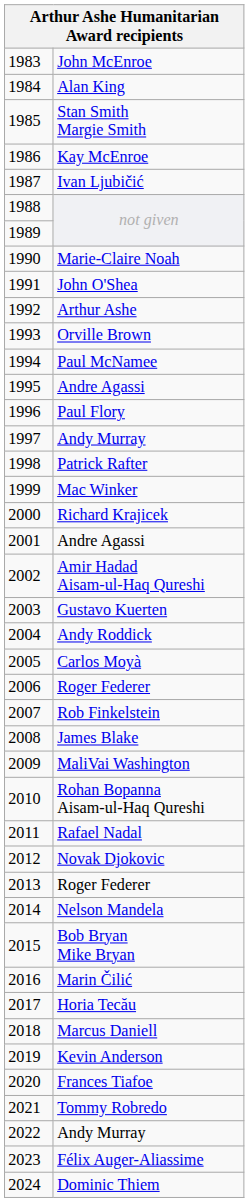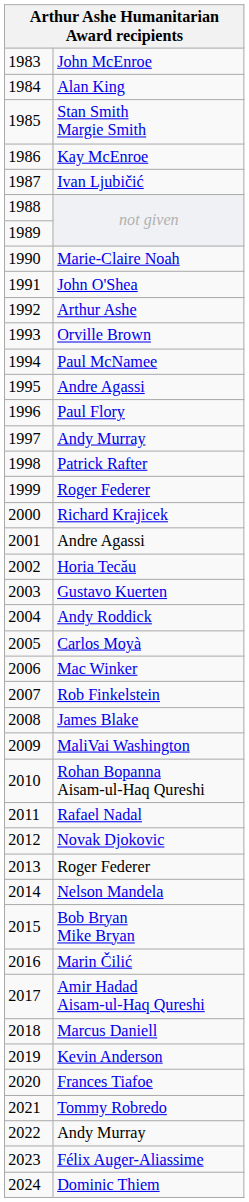 <table class="wikitable sortable" style="display:inline-table;">
 <tr>
 <th colspan="2" width=230>Arthur Ashe Humanitarian<br>Award recipients</th>
 </tr>
 <tr>
 <td>1983</td>
 <td> <a href='#'>John McEnroe</a></td>
 </tr>
 <tr>
 <td>1984</td>
 <td> <a href='#'>Alan King</a></td>
 </tr>
 <tr>
 <td>1985</td>
 <td> <a href='#'>Stan Smith</a> <br>  <a href='#'>Margie Smith</a></td>
 </tr>
 <tr>
 <td>1986</td>
 <td> <a href='#'>Kay McEnroe</a></td>
 </tr>
 <tr>
 <td>1987</td>
 <td> <a href='#'>Ivan Ljubičić</a></td>
 </tr>
 <tr>
 <td>1988</td>
 <td rowspan=2 style="background: #f0f1f4; color: #b0b0b0; text-align: center;"><em>not given</em></td>
 </tr>
 <tr>
 <td>1989</td>
 </tr>
 <tr>
 <td>1990</td>
 <td> <a href='#'>Marie-Claire Noah</a></td>
 </tr>
 <tr>
 <td>1991</td>
 <td> <a href='#'>John O'Shea</a></td>
 </tr>
 <tr>
 <td>1992</td>
 <td> <a href='#'>Arthur Ashe</a></td>
 </tr>
 <tr>
 <td>1993</td>
 <td> <a href='#'>Orville Brown</a></td>
 </tr>
 <tr>
 <td>1994</td>
 <td> <a href='#'>Paul McNamee</a></td>
 </tr>
 <tr>
 <td>1995</td>
 <td> <a href='#'>Andre Agassi</a></td>
 </tr>
 <tr>
 <td>1996</td>
 <td> <a href='#'>Paul Flory</a></td>
 </tr>
 <tr>
 <td>1997</td>
 <td> <a href='#'>Andy Murray</a></td>
 </tr>
 <tr>
 <td>1998</td>
 <td> <a href='#'>Patrick Rafter</a></td>
 </tr>
 <tr>
 <td>1999</td>
-<td> <a href='#'>Mac Winker</a></td>
+<td> <a href='#'>Roger Federer</a></td>
 </tr>
 <tr>
 <td>2000</td>
 <td> <a href='#'>Richard Krajicek</a></td>
 </tr>
 <tr>
 <td>2001</td>
 <td> Andre Agassi </td>
 </tr>
 <tr>
 <td>2002</td>
-<td> <a href='#'>Amir Hadad</a> <br>  <a href='#'>Aisam-ul-Haq Qureshi</a></td>
+<td> <a href='#'>Horia Tecău</a></td>
 </tr>
 <tr>
 <td>2003</td>
 <td> <a href='#'>Gustavo Kuerten</a></td>
 </tr>
 <tr>
 <td>2004</td>
 <td> <a href='#'>Andy Roddick</a></td>
 </tr>
 <tr>
 <td>2005</td>
 <td> <a href='#'>Carlos Moyà</a></td>
 </tr>
 <tr>
 <td>2006</td>
-<td> <a href='#'>Roger Federer</a></td>
+<td> <a href='#'>Mac Winker</a></td>
 </tr>
 <tr>
 <td>2007</td>
 <td> <a href='#'>Rob Finkelstein</a></td>
 </tr>
 <tr>
 <td>2008</td>
 <td> <a href='#'>James Blake</a></td>
 </tr>
 <tr>
 <td>2009</td>
 <td> <a href='#'>MaliVai Washington</a></td>
 </tr>
 <tr>
 <td>2010</td>
 <td> <a href='#'>Rohan Bopanna</a> <br>  Aisam-ul-Haq Qureshi </td>
 </tr>
 <tr>
 <td>2011</td>
 <td> <a href='#'>Rafael Nadal</a></td>
 </tr>
 <tr>
 <td>2012</td>
 <td> <a href='#'>Novak Djokovic</a></td>
 </tr>
 <tr>
 <td>2013</td>
 <td> Roger Federer </td>
 </tr>
 <tr>
 <td>2014</td>
 <td> <a href='#'>Nelson Mandela</a></td>
 </tr>
 <tr>
 <td>2015</td>
 <td> <a href='#'>Bob Bryan</a> <br>  <a href='#'>Mike Bryan</a></td>
 </tr>
 <tr>
 <td>2016</td>
 <td> <a href='#'>Marin Čilić</a></td>
 </tr>
 <tr>
 <td>2017</td>
-<td> <a href='#'>Horia Tecău</a></td>
+<td> <a href='#'>Amir Hadad</a> <br>  <a href='#'>Aisam-ul-Haq Qureshi</a></td>
 </tr>
 <tr>
 <td>2018</td>
 <td> <a href='#'>Marcus Daniell</a></td>
 </tr>
 <tr>
 <td>2019</td>
 <td> <a href='#'>Kevin Anderson</a></td>
 </tr>
 <tr>
 <td>2020</td>
 <td> <a href='#'>Frances Tiafoe</a></td>
 </tr>
 <tr>
 <td>2021</td>
 <td> <a href='#'>Tommy Robredo</a></td>
 </tr>
 <tr>
 <td>2022</td>
 <td> Andy Murray </td>
 </tr>
 <tr>
 <td>2023</td>
 <td> <a href='#'>Félix Auger-Aliassime</a></td>
 </tr>
 <tr>
 <td>2024</td>
 <td> <a href='#'>Dominic Thiem</a></td>
 </tr>
 </table>
